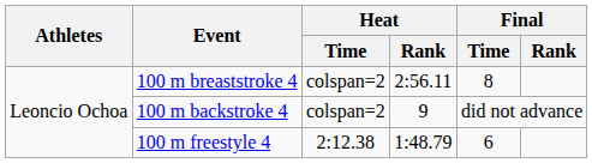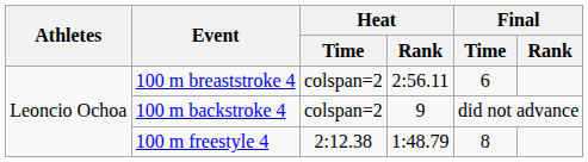 <table class=wikitable>
 <tr>
 <th rowspan="2">Athletes</th>
 <th rowspan="2">Event</th>
 <th colspan="2">Heat</th>
 <th colspan="2">Final</th>
 </tr>
 <tr>
 <th>Time</th>
 <th>Rank</th>
 <th>Time</th>
 <th>Rank</th>
 </tr>
 <tr align=center>
 <td align=left rowspan=3>Leoncio Ochoa</td>
 <td align=left><a href='#'>100 m breaststroke 4</a></td>
 <td>colspan=2</td>
 <td>2:56.11</td>
-<td>8</td>
+<td>6</td>
 </tr>
 <tr align=center>
 <td align=left><a href='#'>100 m backstroke 4</a></td>
 <td>colspan=2</td>
 <td>9</td>
 <td colspan=2>did not advance</td>
 </tr>
 <tr align=center>
 <td align=left><a href='#'>100 m freestyle 4</a></td>
 <td>2:12.38</td>
 <td>1:48.79</td>
-<td>6</td>
+<td>8</td>
 </tr>
 </table>
